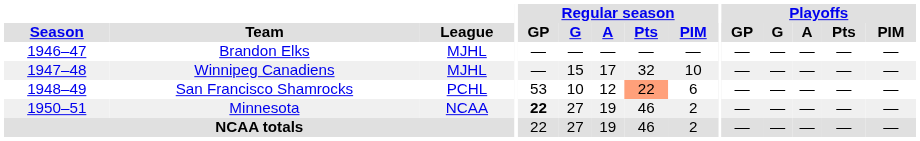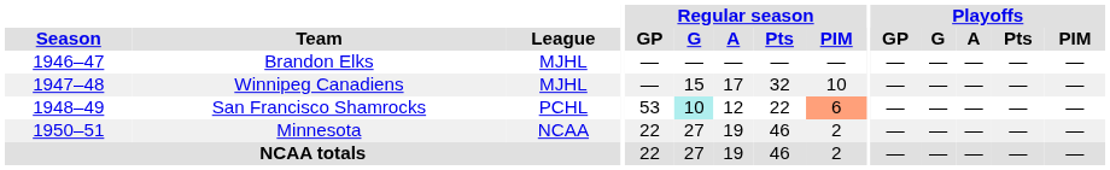 <table border="0" cellpadding="1" cellspacing="0" style="text-align:center; width:60em">
 <tr bgcolor="#e0e0e0">
 <th colspan="3" bgcolor="#ffffff"></th>
 <th rowspan="99" bgcolor="#ffffff"></th>
 <th colspan="5"><a href='#'>Regular season</a></th>
 <th rowspan="99" bgcolor="#ffffff"></th>
 <th colspan="5"><a href='#'>Playoffs</a></th>
 </tr>
 <tr bgcolor="#e0e0e0">
 <th><a href='#'>Season</a></th>
 <th>Team</th>
 <th>League</th>
 <th>GP</th>
 <th><a href='#'>G</a></th>
 <th><a href='#'>A</a></th>
 <th><a href='#'>Pts</a></th>
 <th><a href='#'>PIM</a></th>
 <th>GP</th>
 <th>G</th>
 <th>A</th>
 <th>Pts</th>
 <th>PIM</th>
 </tr>
 <tr>
 <td><a href='#'>1946–47</a></td>
 <td><a href='#'>Brandon Elks</a></td>
 <td><a href='#'>MJHL</a></td>
 <td>—</td>
 <td>—</td>
 <td>—</td>
 <td>—</td>
 <td>—</td>
 <td>—</td>
 <td>—</td>
 <td>—</td>
 <td>—</td>
 <td>—</td>
 </tr>
 <tr bgcolor="#f0f0f0">
 <td><a href='#'>1947–48</a></td>
 <td><a href='#'>Winnipeg Canadiens</a></td>
 <td><a href='#'>MJHL</a></td>
 <td>—</td>
 <td>15</td>
 <td>17</td>
 <td>32</td>
 <td>10</td>
 <td>—</td>
 <td>—</td>
 <td>—</td>
 <td>—</td>
 <td>—</td>
 </tr>
 <tr>
 <td><a href='#'>1948–49</a></td>
 <td><a href='#'>San Francisco Shamrocks</a></td>
 <td><a href='#'>PCHL</a></td>
 <td>53</td>
-<td>10</td>
+<td style="background: paleturquoise;">10</td>
 <td>12</td>
-<td style="background: lightsalmon;">22</td>
-<td>6</td>
+<td>22</td>
+<td style="background: lightsalmon;">6</td>
 <td>—</td>
 <td>—</td>
 <td>—</td>
 <td>—</td>
 <td>—</td>
 </tr>
 <tr bgcolor="#f0f0f0">
 <td><a href='#'>1950–51</a></td>
 <td><a href='#'>Minnesota</a></td>
 <td><a href='#'>NCAA</a></td>
-<td><strong>22</strong></td>
+<td>22</td>
 <td>27</td>
 <td>19</td>
 <td>46</td>
 <td>2</td>
 <td>—</td>
 <td>—</td>
 <td>—</td>
 <td>—</td>
 <td>—</td>
 </tr>
 <tr bgcolor="#e0e0e0">
 <th colspan="3">NCAA totals</th>
 <td>22</td>
 <td>27</td>
 <td>19</td>
 <td>46</td>
 <td>2</td>
 <td>—</td>
 <td>—</td>
 <td>—</td>
 <td>—</td>
 <td>—</td>
 </tr>
 </table>
